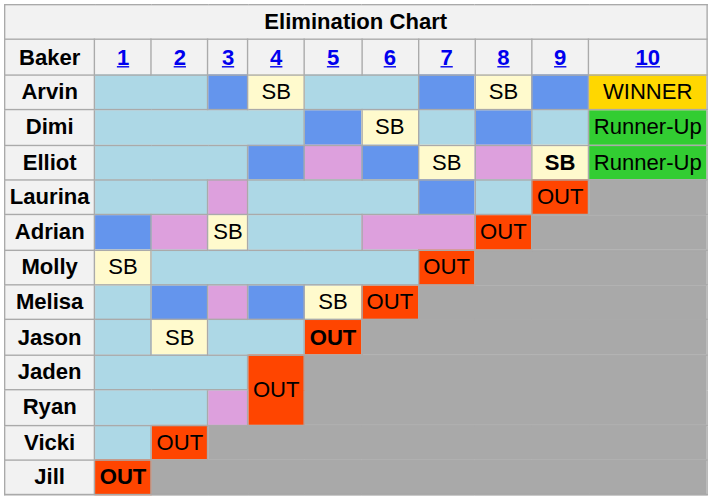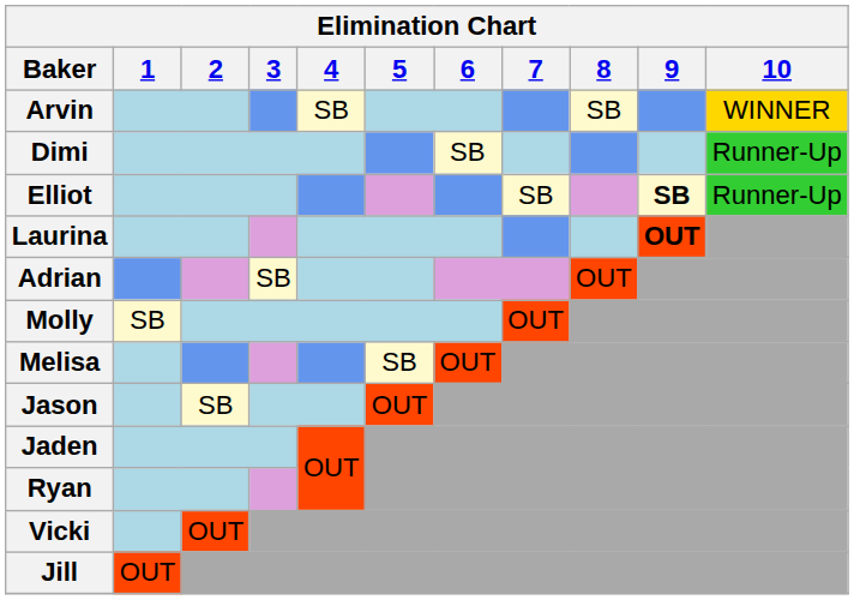 <table class="wikitable" style="text-align:center">
 <tr>
 <th colspan="11">Elimination Chart</th>
 </tr>
 <tr>
 <th>Baker</th>
 <th><a href='#'>1</a></th>
 <th><a href='#'>2</a></th>
 <th><a href='#'>3</a></th>
 <th><a href='#'>4</a></th>
 <th><a href='#'>5</a></th>
 <th><a href='#'>6</a></th>
 <th><a href='#'>7</a></th>
 <th><a href='#'>8</a></th>
 <th><a href='#'>9</a></th>
 <th><a href='#'>10</a></th>
 </tr>
 <tr>
 <th>Arvin</th>
 <td colspan="2" style="background:LightBlue;"></td>
 <td style="background:CornflowerBlue;"></td>
 <td style="background:LemonChiffon;">SB</td>
 <td colspan="2" style="background:LightBlue;"></td>
 <td style="background:CornflowerBlue;"></td>
 <td style="background:LemonChiffon;">SB</td>
 <td style="background:CornflowerBlue;"></td>
 <td style="background:Gold;">WINNER</td>
 </tr>
 <tr>
 <th>Dimi</th>
 <td colspan="4" style="background:LightBlue;"></td>
 <td style="background:CornflowerBlue;"></td>
 <td style="background:LemonChiffon;">SB</td>
 <td style="background:LightBlue;"></td>
 <td style="background:CornflowerBlue;"></td>
 <td style="background:LightBlue;"></td>
 <td style="background:LimeGreen;">Runner-Up</td>
 </tr>
 <tr>
 <th>Elliot</th>
 <td colspan="3" style="background:LightBlue;"></td>
 <td style="background:CornflowerBlue;"></td>
 <td style="background:Plum;"></td>
 <td style="background:CornflowerBlue;"></td>
 <td style="background:LemonChiffon;">SB</td>
 <td style="background:Plum;"></td>
 <td style="background:LemonChiffon;"><strong>SB</strong></td>
 <td style="background:LimeGreen;">Runner-Up</td>
 </tr>
 <tr>
 <th>Laurina</th>
 <td colspan="2" style="background:LightBlue;"></td>
 <td style="background:Plum;"></td>
 <td colspan="3" style="background:LightBlue;"></td>
 <td style="background:CornflowerBlue;"></td>
 <td style="background:LightBlue;"></td>
-<td style="background:OrangeRed;">OUT</td>
+<td style="background:OrangeRed;"><strong>OUT</strong></td>
 <td colspan="6" style="background:DarkGrey;"></td>
 </tr>
 <tr>
 <th>Adrian</th>
 <td style="background:CornflowerBlue;"></td>
 <td style="background:Plum;"></td>
 <td style="background:LemonChiffon;">SB</td>
 <td colspan="2" style="background:LightBlue;"></td>
 <td colspan="2" style="background:Plum;"></td>
 <td style="background:OrangeRed;">OUT</td>
 <td colspan="6" style="background:DarkGrey;"></td>
 </tr>
 <tr>
 <th>Molly</th>
 <td style="background:LemonChiffon;">SB</td>
 <td colspan="5" style="background:LightBlue;"></td>
 <td style="background:OrangeRed;">OUT</td>
 <td colspan="6" style="background:DarkGrey;"></td>
 </tr>
 <tr>
 <th>Melisa</th>
 <td style="background:LightBlue;"></td>
 <td style="background:CornflowerBlue;"></td>
 <td style="background:Plum;"></td>
 <td style="background:CornflowerBlue;"></td>
 <td style="background:LemonChiffon;">SB</td>
 <td style="background:OrangeRed;">OUT</td>
 <td colspan="6" style="background:DarkGrey;"></td>
 </tr>
 <tr>
 <th>Jason</th>
 <td colspan="1" style="background:LightBlue;"></td>
 <td style="background:LemonChiffon;">SB</td>
 <td colspan="2" style="background:LightBlue;"></td>
-<td style="background:OrangeRed;"><strong>OUT</strong></td>
+<td style="background:OrangeRed;">OUT</td>
 <td colspan="6" style="background:DarkGrey;"></td>
 </tr>
 <tr>
 <th>Jaden</th>
 <td colspan="3" style="background:LightBlue;"></td>
 <td rowspan="2" style="background:OrangeRed;">OUT</td>
 <td rowspan="2" colspan="7" style="background:DarkGrey;"></td>
 </tr>
 <tr>
 <th>Ryan</th>
 <td colspan="2" style="background:LightBlue;"></td>
 <td style="background:Plum;"></td>
 </tr>
 <tr>
 <th>Vicki</th>
 <td style="background:LightBlue;"></td>
 <td style="background:OrangeRed;">OUT</td>
 <td colspan="8" style="background:DarkGrey;"></td>
 </tr>
 <tr>
 <th>Jill</th>
-<td style="background:OrangeRed;"><strong>OUT</strong></td>
+<td style="background:OrangeRed;">OUT</td>
 <td colspan="9" style="background:DarkGrey;"></td>
 </tr>
 <tr>
 </tr>
 </table>
